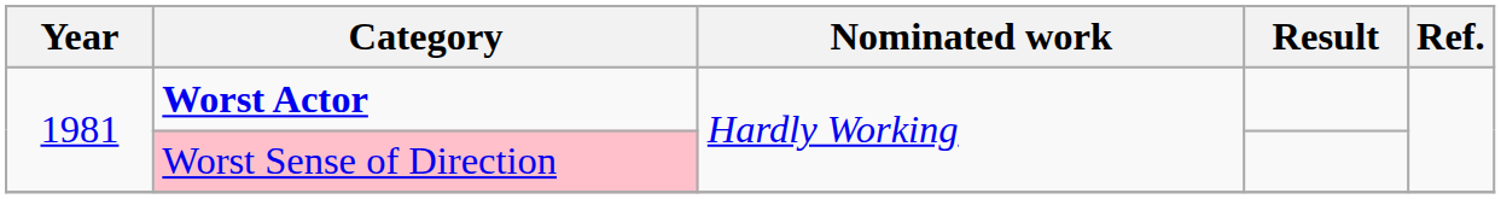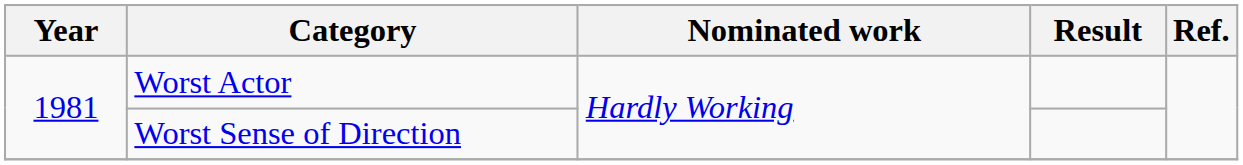 <table class=wikitable>
 <tr>
 <th scope="col" style="width:5em;">Year</th>
 <th scope="col" style="width:26em;">Category</th>
 <th scope="col" style="width:25em;">Nominated work</th>
 <th scope="col" style="width:5em;">Result</th>
 <th>Ref.</th>
 </tr>
 <tr>
 <td style="text-align:center;", rowspan=2><a href='#'>1981</a></td>
-<td><strong><a href='#'>Worst Actor</a></strong></td>
+<td><a href='#'>Worst Actor</a></td>
 <td rowspan=2><em><a href='#'>Hardly Working</a></em></td>
 <td></td>
 <td rowspan=2></td>
 </tr>
 <tr>
-<td style="background: pink;"><a href='#'>Worst Sense of Direction</a></td>
+<td><a href='#'>Worst Sense of Direction</a></td>
 <td></td>
 </tr>
 <tr>
 </tr>
 </table>
